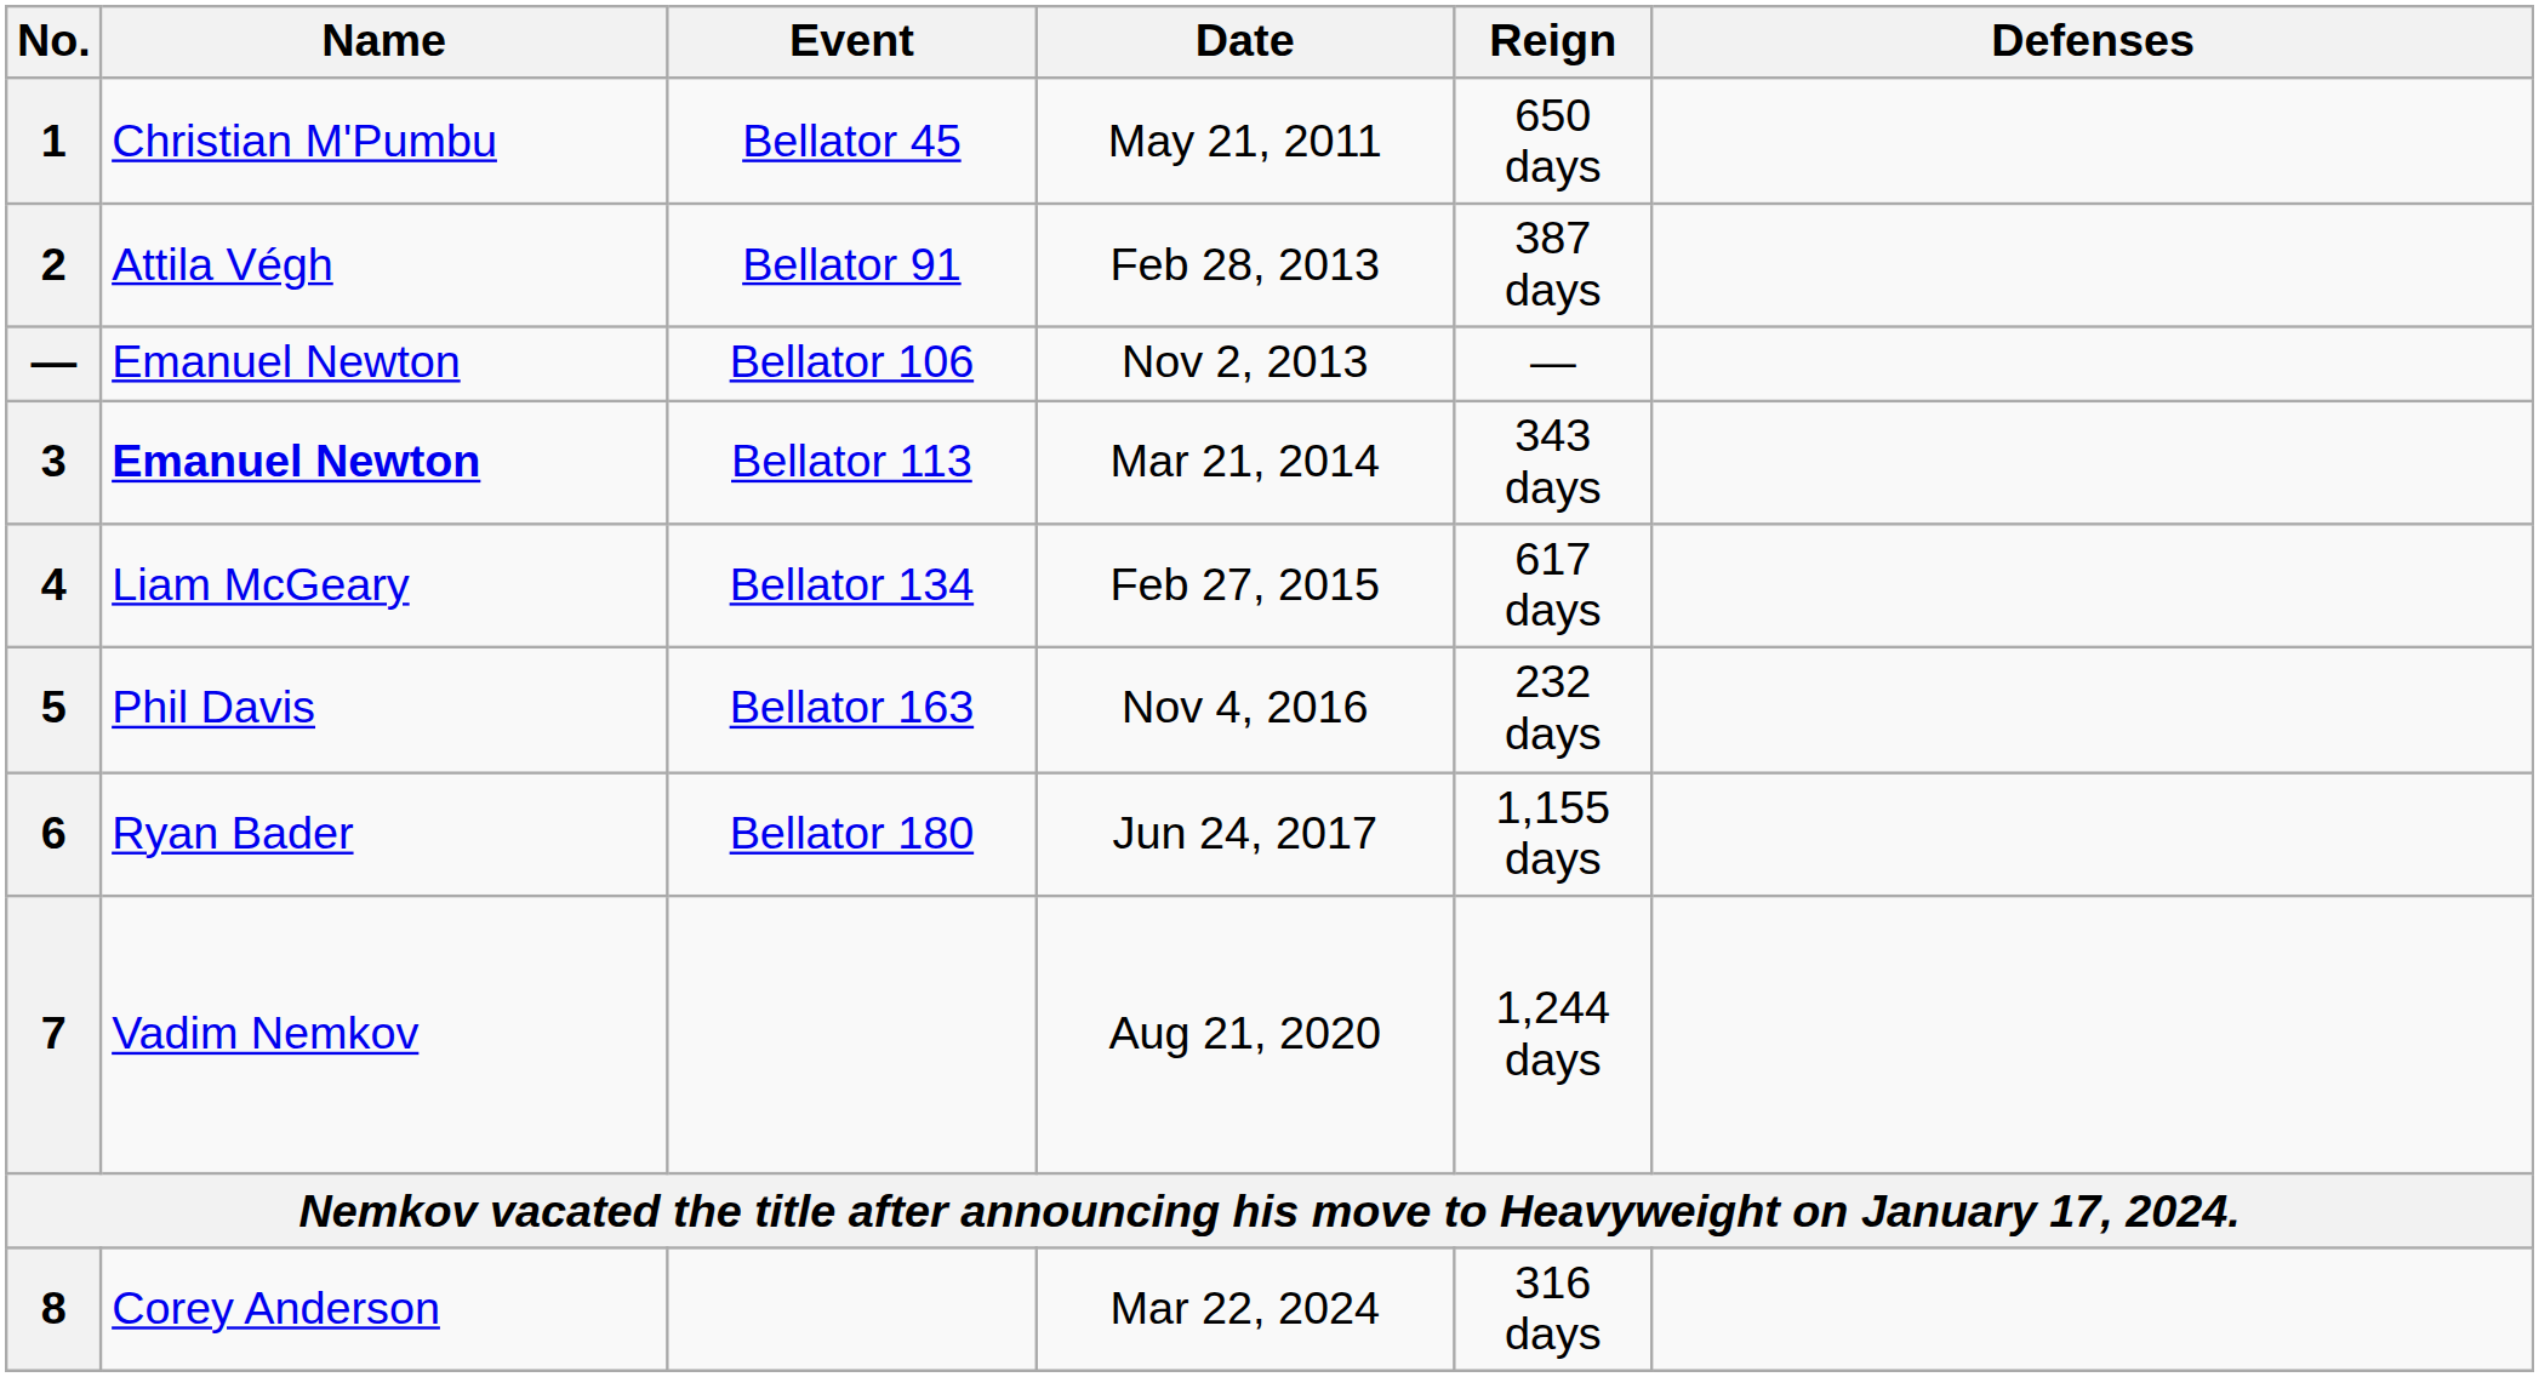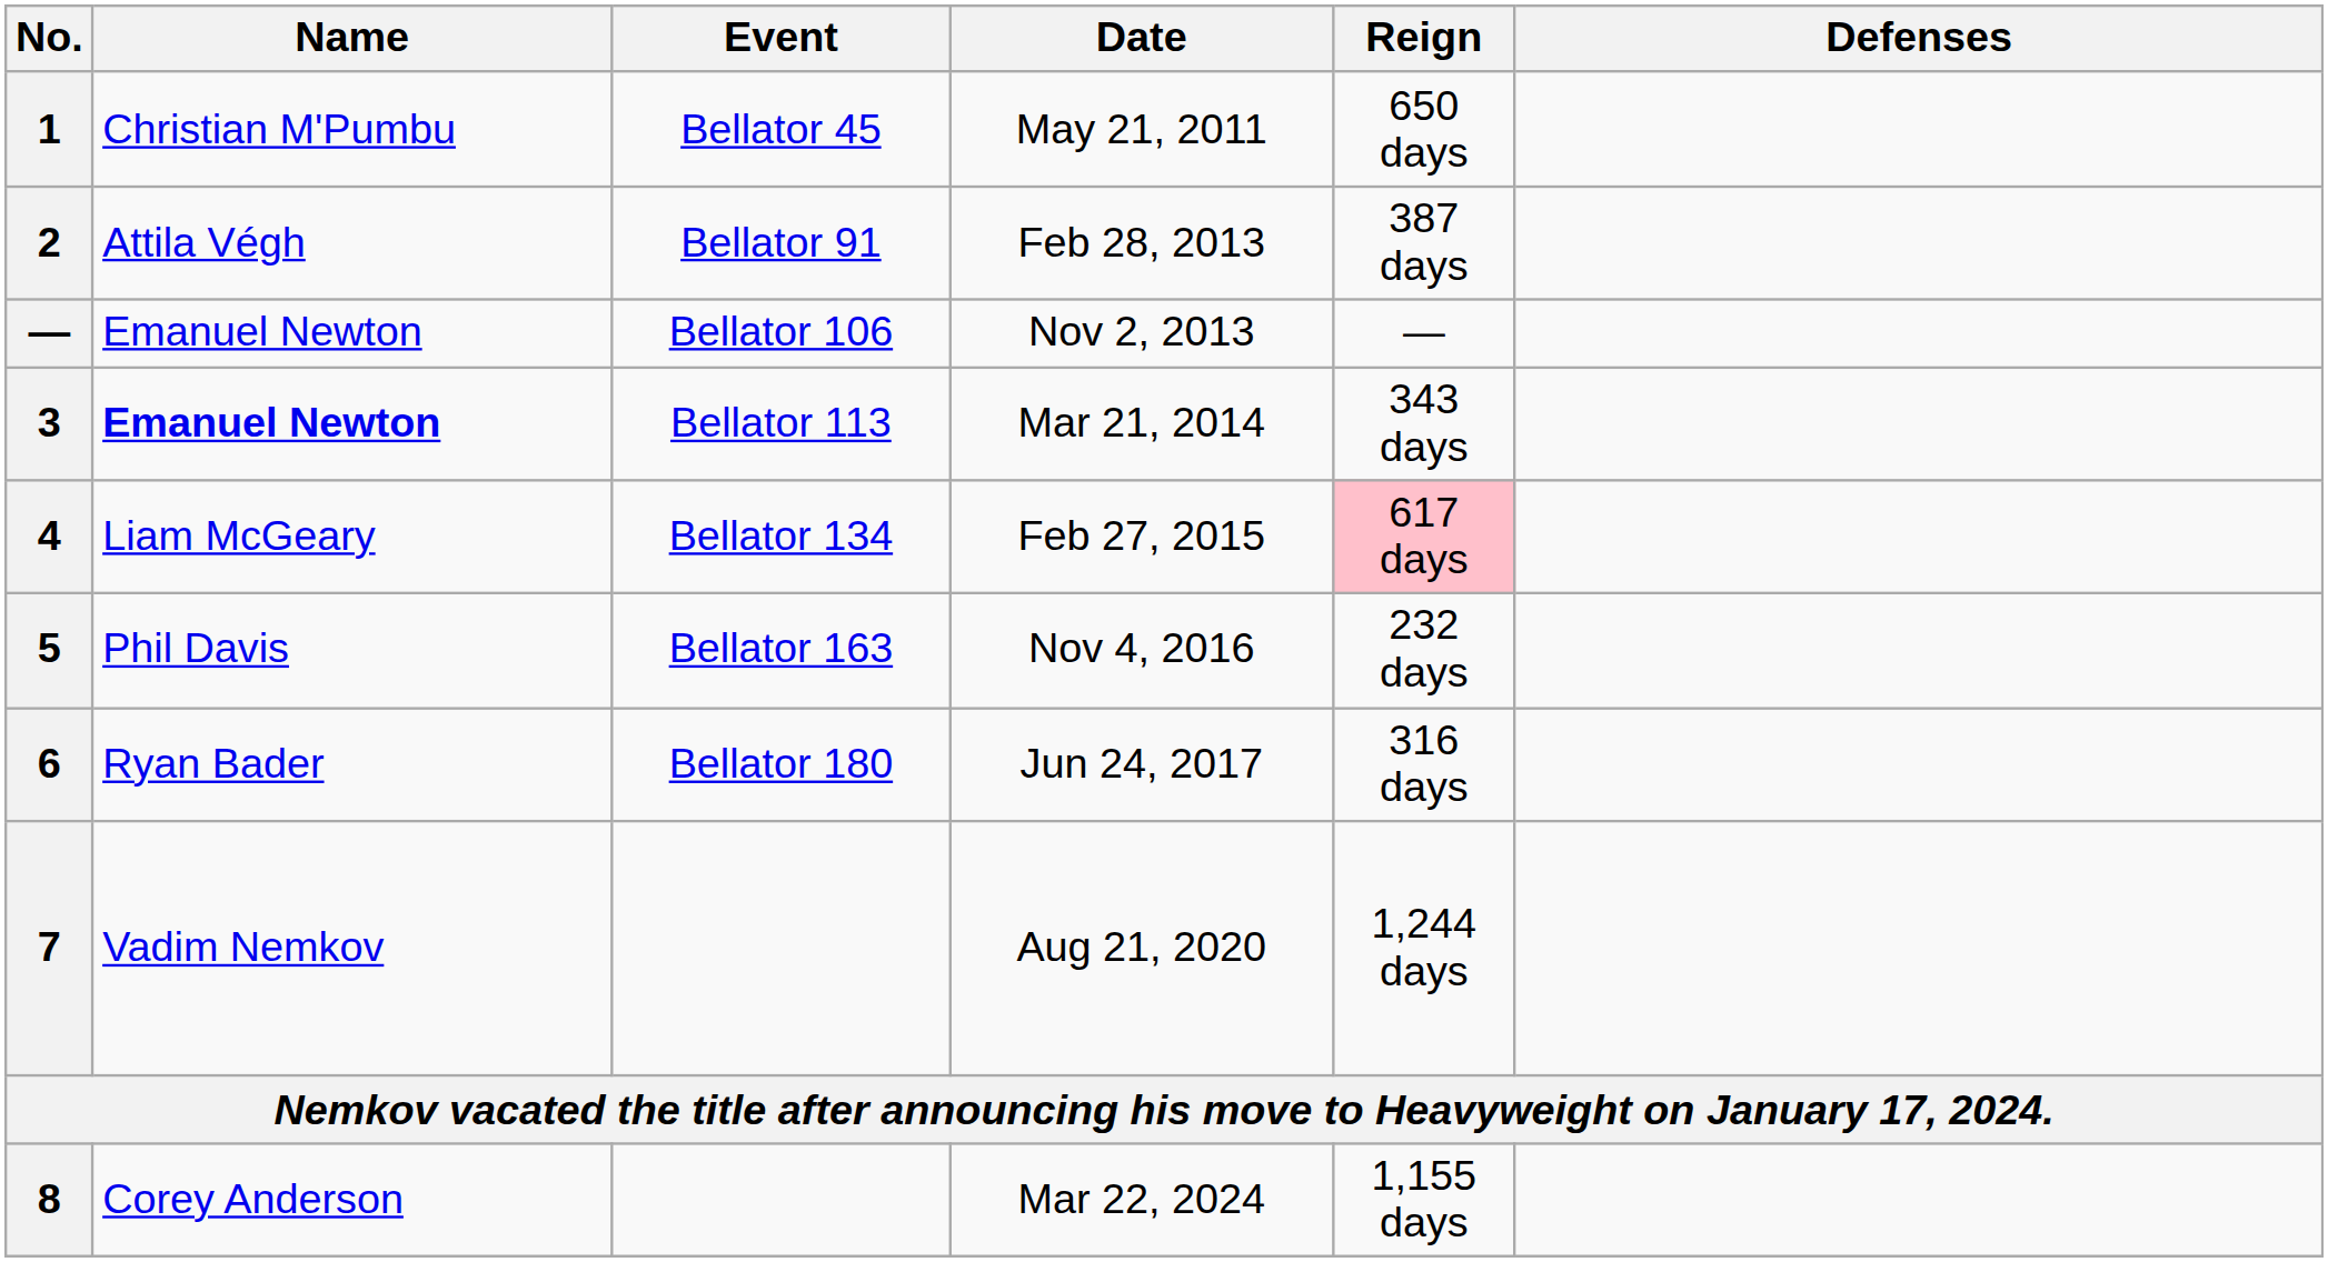 <table class="wikitable" width=100% style="text-align: center;">
 <tr>
 <th width=1%>No.</th>
 <th width=23%>Name</th>
 <th width=15%>Event</th>
 <th width=17%>Date</th>
 <th width=8%>Reign</th>
 <th width=36%>Defenses</th>
 </tr>
 <tr>
 <th>1</th>
 <td align=left> <a href='#'>Christian M'Pumbu</a><br></td>
 <td><a href='#'>Bellator 45</a><br></td>
 <td>May 21, 2011</td>
 <td>650 days</td>
 <td></td>
 </tr>
 <tr>
 <th>2</th>
 <td align=left> <a href='#'>Attila Végh</a></td>
 <td><a href='#'>Bellator 91</a><br></td>
 <td>Feb 28, 2013</td>
 <td>387 days</td>
 <td></td>
 </tr>
 <tr>
 <th>—</th>
 <td align=left> <a href='#'>Emanuel Newton</a><br></td>
 <td><a href='#'>Bellator 106</a><br></td>
 <td>Nov 2, 2013</td>
 <td>—</td>
 <td></td>
 </tr>
 <tr>
 <th>3</th>
 <td align=left><strong> <a href='#'>Emanuel Newton</a></strong></td>
 <td><a href='#'>Bellator 113</a><br></td>
 <td>Mar 21, 2014</td>
 <td>343 days</td>
 <td align=left><br></td>
 </tr>
 <tr>
 <th>4</th>
 <td align=left> <a href='#'>Liam McGeary</a></td>
 <td><a href='#'>Bellator 134</a><br></td>
 <td>Feb 27, 2015</td>
-<td>617 days</td>
+<td style="background: pink;">617 days</td>
 <td align=left></td>
 </tr>
 <tr>
 <th>5</th>
 <td align=left> <a href='#'>Phil Davis</a></td>
 <td><a href='#'>Bellator 163</a><br></td>
 <td>Nov 4, 2016</td>
 <td>232 days</td>
 <td></td>
 </tr>
 <tr>
 <th>6</th>
 <td align=left> <a href='#'>Ryan Bader</a></td>
 <td><a href='#'>Bellator 180</a><br></td>
 <td>Jun 24, 2017</td>
-<td>1,155 days</td>
+<td>316 days</td>
 <td align=left></td>
 </tr>
 <tr>
 <th>7</th>
 <td align=left> <a href='#'>Vadim Nemkov</a></td>
 <td><br></td>
 <td>Aug 21, 2020</td>
 <td>1,244 days</td>
 <td align=left><br><br> <br> <br> <br> </td>
 </tr>
 <tr>
 <th colspan=6 align=center><em>Nemkov vacated the title after announcing his move to Heavyweight on January 17, 2024.</em></th>
 </tr>
 <tr>
 <th>8</th>
 <td align=left> <a href='#'>Corey Anderson</a><br></td>
 <td><br></td>
 <td>Mar 22, 2024</td>
-<td>316 days</td>
+<td>1,155 days</td>
 <td align=left></td>
 </tr>
 <tr>
 </tr>
 </table>
